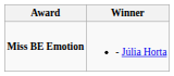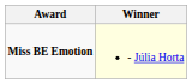 <table class="wikitable sortable" style="font-size:95%;">
 <tr>
 <th>Award</th>
 <th>Winner</th>
 </tr>
 <tr>
 <td><strong>Miss BE Emotion</strong></td>
-<td><br><ul><li><strong></strong> - <a href='#'>Júlia Horta</a></li></ul></td>
+<td style="background: lightyellow;"><br><ul><li><strong></strong> - <a href='#'>Júlia Horta</a></li></ul></td>
 </tr>
 </table>
